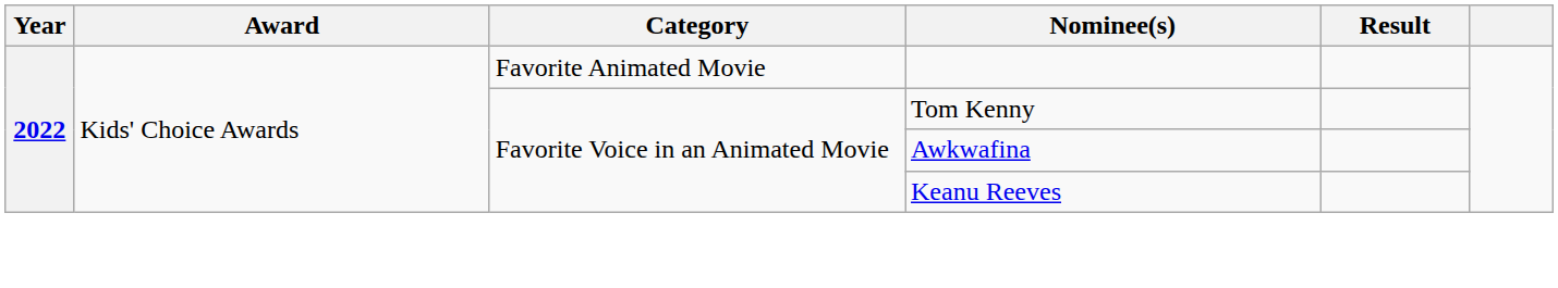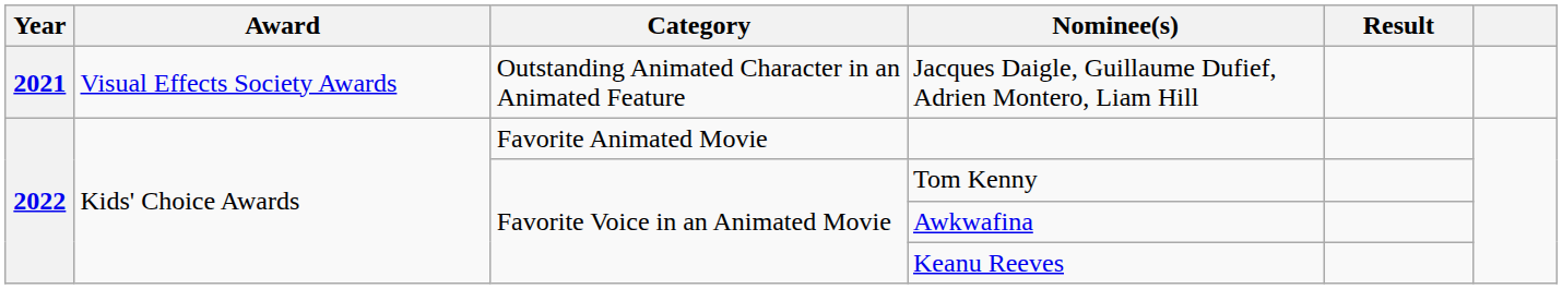 <table class="wikitable sortable plainrowheaders" width=75%>
 <tr>
 <th scope="col" style="width:4%;">Year</th>
 <th scope="col" style="width:25%;">Award</th>
 <th scope="col" style="width:25%;">Category</th>
 <th scope="col" style="width:25%;">Nominee(s)</th>
 <th scope="col" style="width:9%;">Result</th>
 <th scope="col" style="width:5%;" class="unsortable"></th>
+</tr>
+<tr>
+<th scope="row" style="text-align:center;"><a href='#'>2021</a></th>
+<td><a href='#'>Visual Effects Society Awards</a></td>
+<td>Outstanding Animated Character in an Animated Feature</td>
+<td>Jacques Daigle, Guillaume Dufief, Adrien Montero, Liam Hill</td>
+<td></td>
+<td align=center></td>
 </tr>
 <tr>
 <th scope="row" rowspan="4" style="text-align:center;"><a href='#'>2022</a></th>
 <td rowspan="4">Kids' Choice Awards</td>
 <td>Favorite Animated Movie</td>
 <td></td>
 <td></td>
 <td align=center rowspan="4"></td>
 </tr>
 <tr>
 <td rowspan="3">Favorite Voice in an Animated Movie</td>
 <td>Tom Kenny</td>
 <td></td>
 </tr>
 <tr>
 <td><a href='#'>Awkwafina</a></td>
 <td></td>
 </tr>
 <tr>
 <td><a href='#'>Keanu Reeves</a></td>
 <td></td>
 </tr>
 </table>
